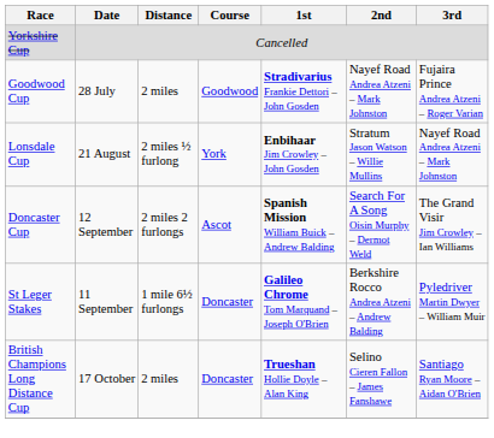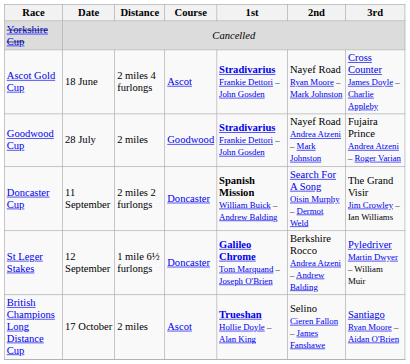 <table class="wikitable sortable">
 <tr>
 <th>Race</th>
 <th>Date</th>
 <th>Distance</th>
 <th>Course</th>
 <th>1st</th>
 <th>2nd</th>
 <th>3rd</th>
 </tr>
 <tr style="background:#DCDCDC">
 <td><s><a href='#'>Yorkshire Cup</a></s></td>
 <td colspan=6 align=center><em>Cancelled</em></td>
 </tr>
 <tr>
+<td><a href='#'>Ascot Gold Cup</a></td>
+<td>18 June</td>
+<td>2 miles 4 furlongs</td>
+<td><a href='#'>Ascot</a></td>
+<td><strong><a href='#'>Stradivarius</a></strong><br><small><a href='#'>Frankie Dettori</a> – <a href='#'>John Gosden</a></small></td>
+<td>Nayef Road<br><small><a href='#'>Ryan Moore</a> – <a href='#'>Mark Johnston</a></small></td>
+<td><a href='#'>Cross Counter</a><br><small><a href='#'>James Doyle</a> – <a href='#'>Charlie Appleby</a></small></td>
+</tr>
+<tr>
 <td><a href='#'>Goodwood Cup</a></td>
 <td>28 July</td>
 <td>2 miles</td>
 <td><a href='#'>Goodwood</a></td>
 <td><strong><a href='#'>Stradivarius</a></strong><br><small><a href='#'>Frankie Dettori</a> – <a href='#'>John Gosden</a></small></td>
 <td>Nayef Road<br><small><a href='#'>Andrea Atzeni</a> – <a href='#'>Mark Johnston</a></small></td>
 <td>Fujaira Prince<br><small><a href='#'>Andrea Atzeni</a> – <a href='#'>Roger Varian</a></small></td>
 </tr>
 <tr>
-<td><a href='#'>Lonsdale Cup</a></td>
-<td>21 August</td>
-<td>2 miles ½ furlong</td>
-<td><a href='#'>York</a></td>
-<td><strong>Enbihaar</strong><br><small><a href='#'>Jim Crowley</a> – <a href='#'>John Gosden</a></small></td>
-<td>Stratum<br><small><a href='#'>Jason Watson</a> – <a href='#'>Willie Mullins</a></small></td>
-<td>Nayef Road<br><small><a href='#'>Andrea Atzeni</a> – <a href='#'>Mark Johnston</a></small></td>
-</tr>
-<tr>
 <td><a href='#'>Doncaster Cup</a></td>
-<td>12 September</td>
+<td>11 September</td>
 <td>2 miles 2 furlongs</td>
-<td><a href='#'>Ascot</a></td>
+<td><a href='#'>Doncaster</a></td>
 <td><strong>Spanish Mission</strong><br><small><a href='#'>William Buick</a> – <a href='#'>Andrew Balding</a></small></td>
 <td><a href='#'>Search For A Song</a><br><small><a href='#'>Oisin Murphy</a> – <a href='#'>Dermot Weld</a></small></td>
 <td>The Grand Visir<br><small><a href='#'>Jim Crowley</a> – Ian Williams</small></td>
 </tr>
 <tr>
 <td><a href='#'>St Leger Stakes</a></td>
-<td>11 September</td>
+<td>12 September</td>
 <td>1 mile 6½ furlongs</td>
 <td><a href='#'>Doncaster</a></td>
 <td><strong><a href='#'>Galileo Chrome</a></strong><br><small><a href='#'>Tom Marquand</a> – <a href='#'>Joseph O'Brien</a></small></td>
 <td>Berkshire Rocco<br><small><a href='#'>Andrea Atzeni</a> – <a href='#'>Andrew Balding</a></small></td>
 <td><a href='#'>Pyledriver</a><br><small><a href='#'>Martin Dwyer</a> – William Muir</small></td>
 </tr>
 <tr>
 <td><a href='#'>British Champions<br>Long Distance Cup</a></td>
 <td>17 October</td>
 <td>2 miles</td>
-<td><a href='#'>Doncaster</a></td>
+<td><a href='#'>Ascot</a></td>
 <td><strong><a href='#'>Trueshan</a></strong><br><small><a href='#'>Hollie Doyle</a> – <a href='#'>Alan King</a></small></td>
 <td>Selino<br><small><a href='#'>Cieren Fallon</a> – <a href='#'>James Fanshawe</a></small></td>
 <td><a href='#'>Santiago</a><br><small><a href='#'>Ryan Moore</a> – <a href='#'>Aidan O'Brien</a></small></td>
 </tr>
 <tr>
 </tr>
 </table>
